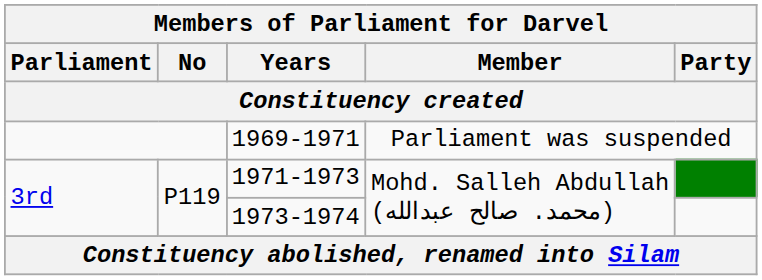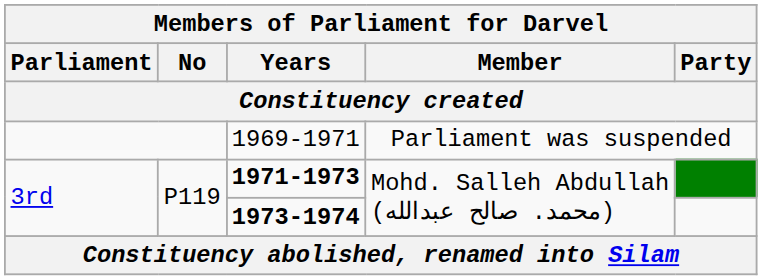 <table class=wikitable>
 <tr>
 <th colspan="5">Members of Parliament for Darvel</th>
 </tr>
 <tr>
 <th>Parliament</th>
 <th>No</th>
 <th>Years</th>
 <th>Member</th>
 <th>Party</th>
 </tr>
 <tr>
 <th colspan="5" align="center"><em>Constituency created</em></th>
 </tr>
 <tr>
 <td colspan="2"></td>
 <td>1969-1971</td>
 <td colspan=2 align=center>Parliament was suspended</td>
 </tr>
 <tr>
 <td rowspan=2><a href='#'>3rd</a></td>
 <td rowspan="2">P119</td>
-<td>1971-1973</td>
+<td><strong>1971-1973</strong></td>
 <td rowspan=2>Mohd. Salleh Abdullah  <br>(محمد. صالح عبدالله)</td>
 <td bgcolor=#008000></td>
 </tr>
 <tr>
-<td>1973-1974</td>
+<td><strong>1973-1974</strong></td>
 <td></td>
 </tr>
 <tr>
 <th colspan="5" align="center"><em>Constituency abolished, renamed into <a href='#'>Silam</a></em></th>
 </tr>
 </table>
